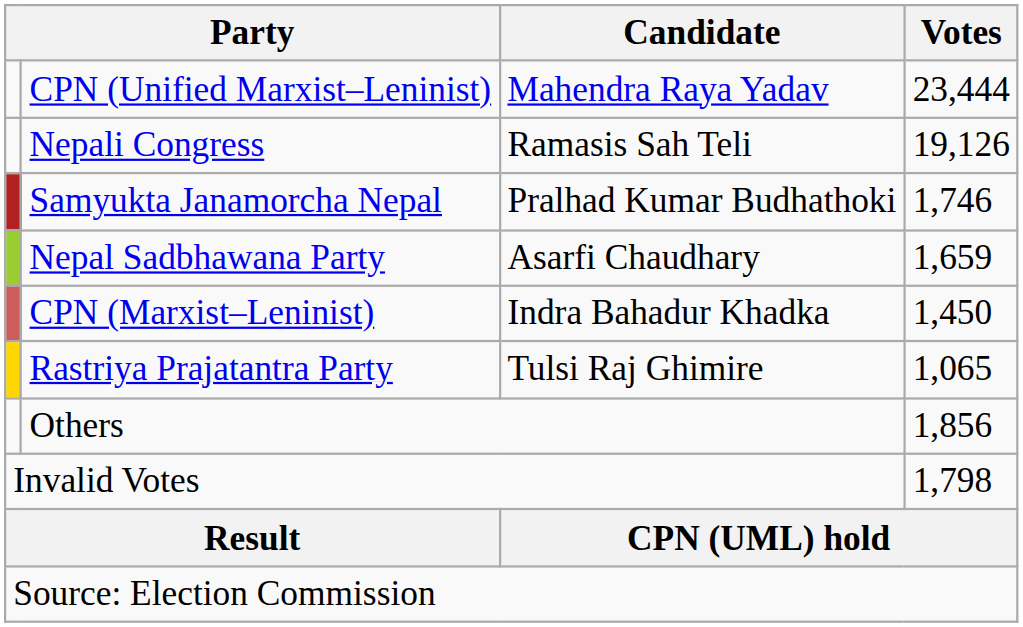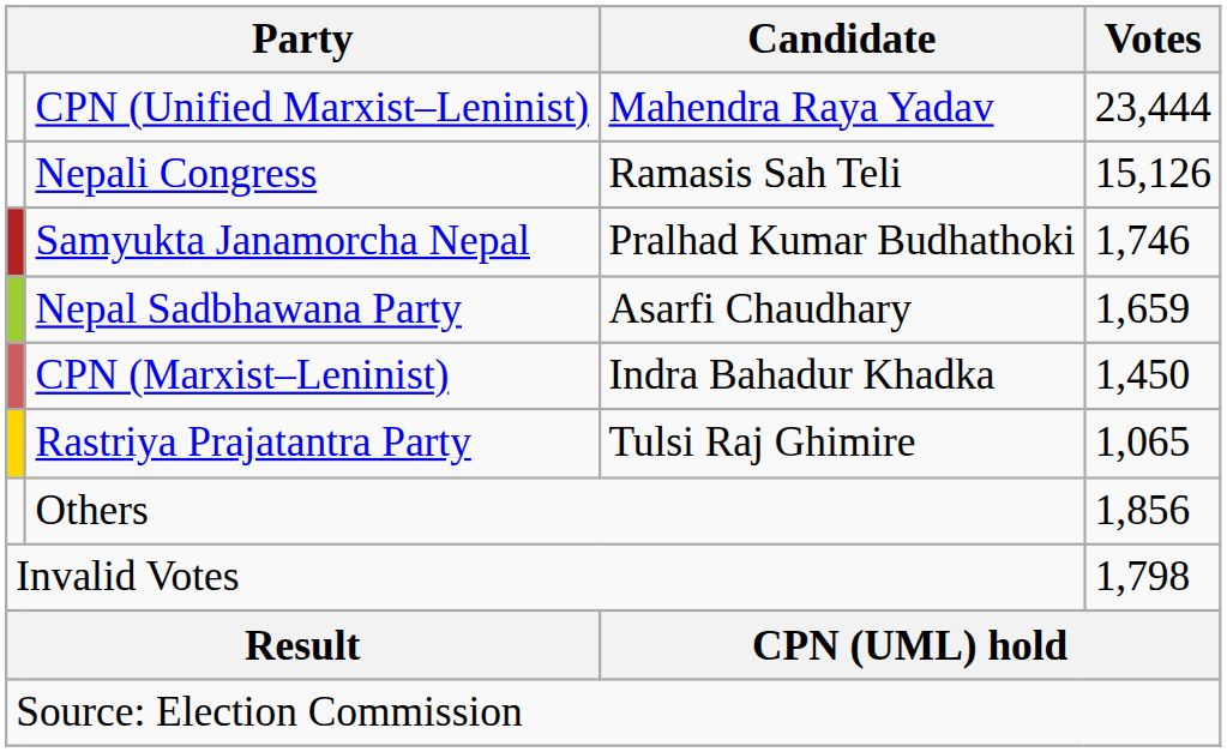 <table class="wikitable">
 <tr>
 <th colspan="2">Party</th>
 <th>Candidate</th>
 <th>Votes</th>
 </tr>
 <tr>
 <td style="background-color:"></td>
 <td><a href='#'>CPN (Unified Marxist–Leninist)</a></td>
 <td><a href='#'>Mahendra Raya Yadav</a></td>
 <td>23,444</td>
 </tr>
 <tr>
 <td style="background-color:"></td>
 <td><a href='#'>Nepali Congress</a></td>
 <td>Ramasis Sah Teli</td>
-<td>19,126</td>
+<td>15,126</td>
 </tr>
 <tr>
 <td style="background-color:firebrick"></td>
 <td><a href='#'>Samyukta Janamorcha Nepal</a></td>
 <td>Pralhad Kumar Budhathoki</td>
 <td>1,746</td>
 </tr>
 <tr>
 <td style="background-color:yellowgreen"></td>
 <td><a href='#'>Nepal Sadbhawana Party</a></td>
 <td>Asarfi Chaudhary</td>
 <td>1,659</td>
 </tr>
 <tr>
 <td style="background-color:indianred"></td>
 <td><a href='#'>CPN (Marxist–Leninist)</a></td>
 <td>Indra Bahadur Khadka</td>
 <td>1,450</td>
 </tr>
 <tr>
 <td style="background-color:gold"></td>
 <td><a href='#'>Rastriya Prajatantra Party</a></td>
 <td>Tulsi Raj Ghimire</td>
 <td>1,065</td>
 </tr>
 <tr>
 <td></td>
 <td colspan="2">Others</td>
 <td>1,856</td>
 </tr>
 <tr>
 <td colspan="3">Invalid Votes</td>
 <td>1,798</td>
 </tr>
 <tr>
 <th colspan="2">Result</th>
 <th colspan="2">CPN (UML) hold</th>
 </tr>
 <tr>
 <td colspan="4">Source: Election Commission</td>
 </tr>
 </table>
